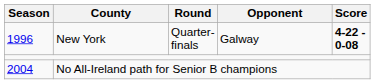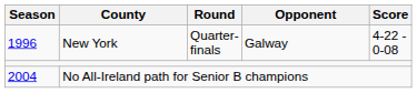 <table class="wikitable plainrowheaders sortable">
 <tr>
 <th width="60">Season</th>
 <th width="150">County</th>
 <th width="30">Round</th>
 <th width="150">Opponent</th>
 <th width="30">Score</th>
 </tr>
 <tr>
 <td><a href='#'>1996</a></td>
 <td>New York</td>
 <td>Quarter-finals</td>
 <td>Galway</td>
-<td><strong>4-22 - 0-08</strong></td>
+<td>4-22 - 0-08</td>
 </tr>
 <tr>
 <td colspan="5"></td>
 </tr>
 <tr>
 <td><a href='#'>2004</a></td>
 <td colspan="4">No All-Ireland path for Senior B champions</td>
 </tr>
 </table>
